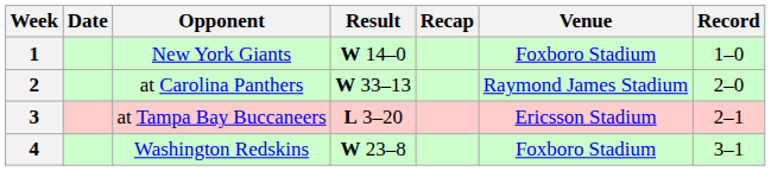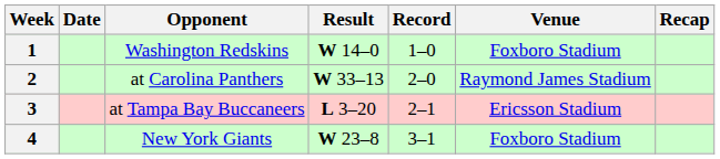 <table class="wikitable" style="text-align:center">
 <tr>
 <th>Week</th>
 <th>Date</th>
 <th>Opponent</th>
 <th>Result</th>
+<th>Record</th>
+<th>Venue</th>
 <th>Recap</th>
-<th>Venue</th>
-<th>Record</th>
 </tr>
 <tr style="background: #cfc;">
 <th>1</th>
 <td></td>
-<td><a href='#'>New York Giants</a></td>
+<td><a href='#'>Washington Redskins</a></td>
 <td><strong>W</strong> 14–0</td>
+<td>1–0</td>
+<td><a href='#'>Foxboro Stadium</a></td>
 <td></td>
-<td><a href='#'>Foxboro Stadium</a></td>
-<td>1–0</td>
 </tr>
 <tr style="background: #cfc;">
 <th>2</th>
 <td></td>
 <td>at <a href='#'>Carolina Panthers</a></td>
 <td><strong>W</strong> 33–13</td>
+<td>2–0</td>
+<td><a href='#'>Raymond James Stadium</a></td>
 <td></td>
-<td><a href='#'>Raymond James Stadium</a></td>
-<td>2–0</td>
 </tr>
 <tr style="background: #fcc;">
 <th>3</th>
 <td></td>
 <td>at <a href='#'>Tampa Bay Buccaneers</a></td>
 <td><strong>L</strong> 3–20</td>
+<td>2–1</td>
+<td><a href='#'>Ericsson Stadium</a></td>
 <td></td>
-<td><a href='#'>Ericsson Stadium</a></td>
-<td>2–1</td>
 </tr>
 <tr style="background: #cfc;">
 <th>4</th>
 <td></td>
-<td><a href='#'>Washington Redskins</a></td>
+<td><a href='#'>New York Giants</a></td>
 <td><strong>W</strong> 23–8</td>
+<td>3–1</td>
+<td><a href='#'>Foxboro Stadium</a></td>
 <td></td>
-<td><a href='#'>Foxboro Stadium</a></td>
-<td>3–1</td>
 </tr>
 </table>
